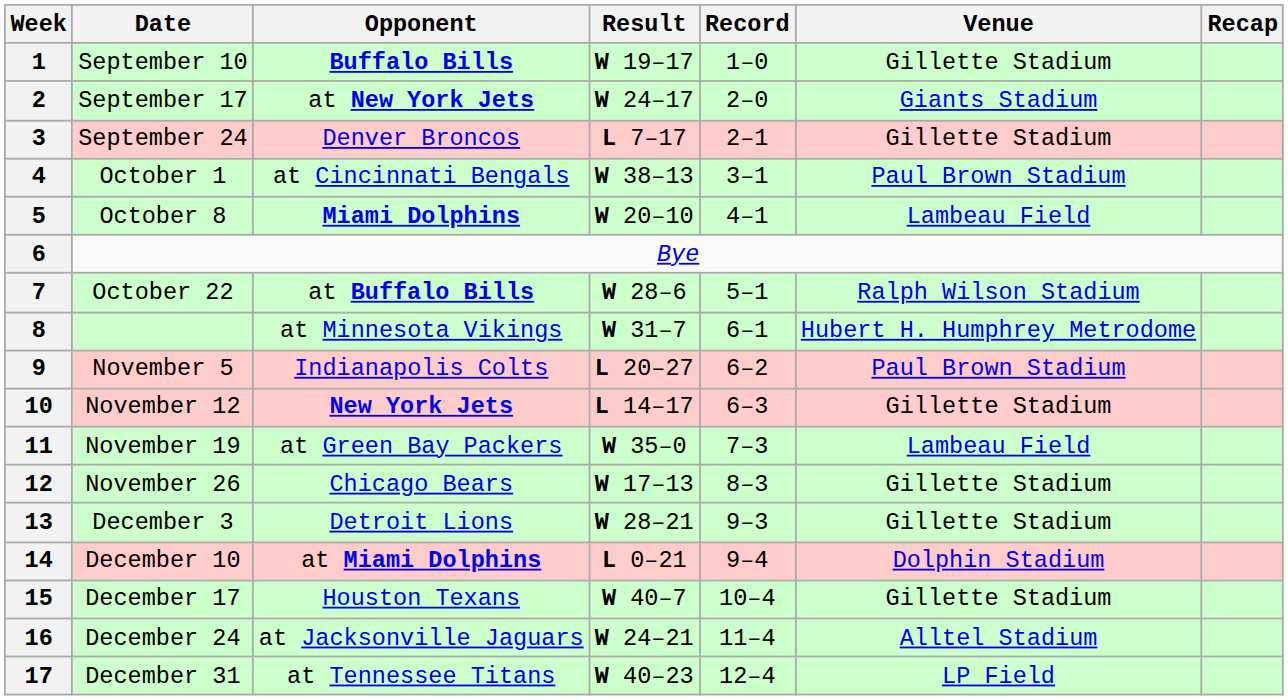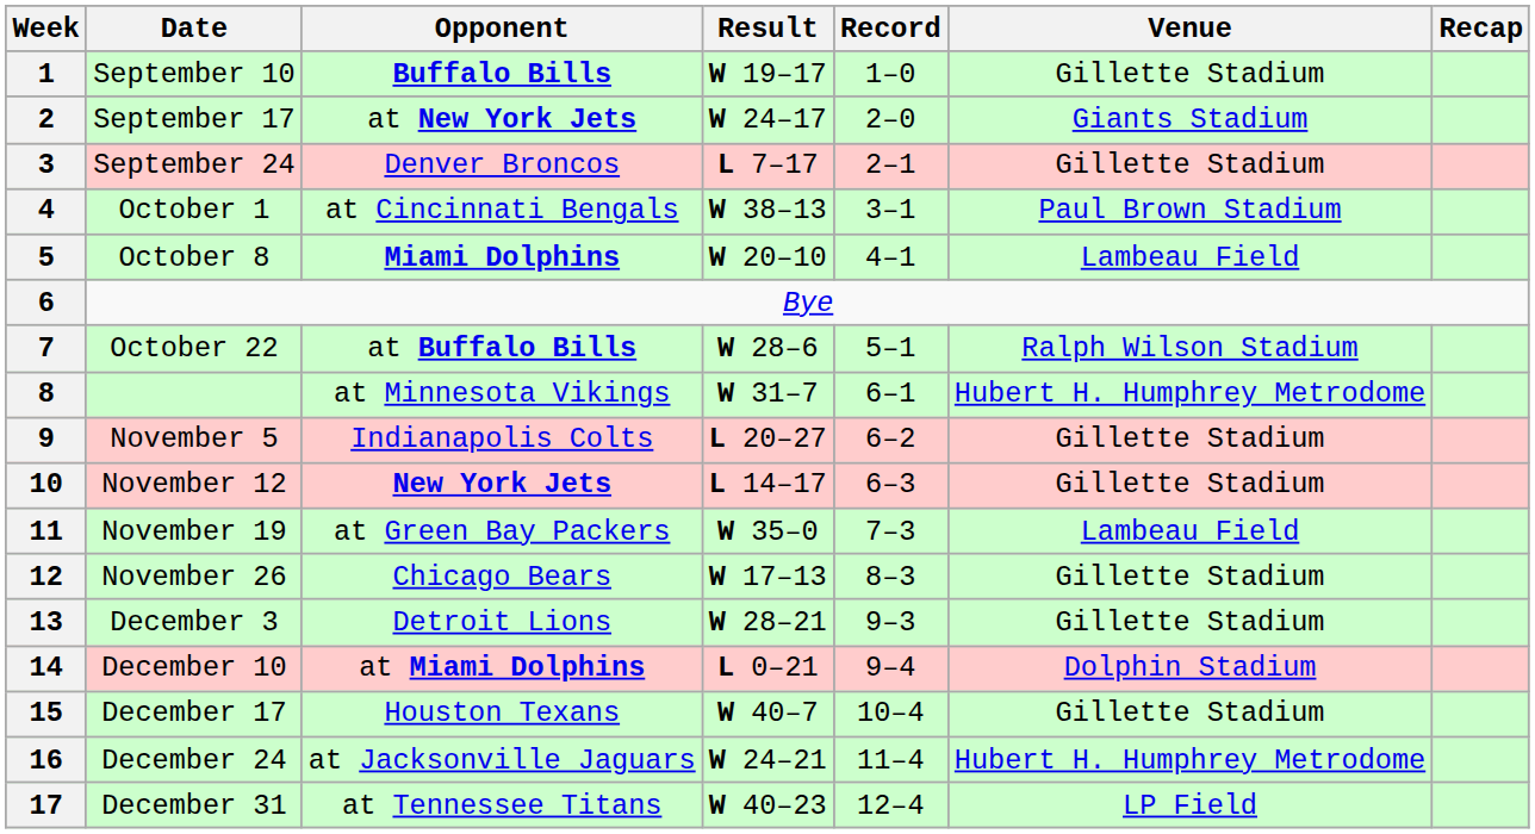 <table class="wikitable" style="text-align:center">
 <tr>
 <th>Week</th>
 <th>Date</th>
 <th>Opponent</th>
 <th>Result</th>
 <th>Record</th>
 <th>Venue</th>
 <th>Recap</th>
 </tr>
 <tr style="background: #cfc;">
 <th>1</th>
 <td>September 10</td>
 <td><strong><a href='#'>Buffalo Bills</a></strong></td>
 <td><strong>W</strong> 19–17</td>
 <td>1–0</td>
 <td>Gillette Stadium</td>
 <td></td>
 </tr>
 <tr style="background: #cfc;">
 <th>2</th>
 <td>September 17</td>
 <td>at <strong><a href='#'>New York Jets</a></strong></td>
 <td><strong>W</strong> 24–17</td>
 <td>2–0</td>
 <td><a href='#'>Giants Stadium</a></td>
 <td></td>
 </tr>
 <tr style="background: #fcc;">
 <th>3</th>
 <td>September 24</td>
 <td><a href='#'>Denver Broncos</a></td>
 <td><strong>L</strong> 7–17</td>
 <td>2–1</td>
 <td>Gillette Stadium</td>
 <td></td>
 </tr>
 <tr style="background: #cfc;">
 <th>4</th>
 <td>October 1</td>
 <td>at <a href='#'>Cincinnati Bengals</a></td>
 <td><strong>W</strong> 38–13</td>
 <td>3–1</td>
 <td><a href='#'>Paul Brown Stadium</a></td>
 <td></td>
 </tr>
 <tr style="background: #cfc;">
 <th>5</th>
 <td>October 8</td>
 <td><strong><a href='#'>Miami Dolphins</a></strong></td>
 <td><strong>W</strong> 20–10</td>
 <td>4–1</td>
 <td><a href='#'>Lambeau Field</a></td>
 <td></td>
 </tr>
 <tr align="center">
 <th>6</th>
 <td colspan="8" align="center"><em><a href='#'>Bye</a></em></td>
 </tr>
 <tr style="background: #cfc;">
 <th>7</th>
 <td>October 22</td>
 <td>at <strong><a href='#'>Buffalo Bills</a></strong></td>
 <td><strong>W</strong> 28–6</td>
 <td>5–1</td>
 <td><a href='#'>Ralph Wilson Stadium</a></td>
 <td></td>
 </tr>
 <tr style="background: #cfc;">
 <th>8</th>
 <td></td>
 <td>at <a href='#'>Minnesota Vikings</a></td>
 <td><strong>W</strong> 31–7</td>
 <td>6–1</td>
 <td><a href='#'>Hubert H. Humphrey Metrodome</a></td>
 <td></td>
 </tr>
 <tr style="background: #fcc;">
 <th>9</th>
 <td>November 5</td>
 <td><a href='#'>Indianapolis Colts</a></td>
 <td><strong>L</strong> 20–27</td>
 <td>6–2</td>
-<td><a href='#'>Paul Brown Stadium</a></td>
+<td>Gillette Stadium</td>
 <td></td>
 </tr>
 <tr style="background: #fcc;">
 <th>10</th>
 <td>November 12</td>
 <td><strong><a href='#'>New York Jets</a></strong></td>
 <td><strong>L</strong> 14–17</td>
 <td>6–3</td>
 <td>Gillette Stadium</td>
 <td></td>
 </tr>
 <tr style="background: #cfc;">
 <th>11</th>
 <td>November 19</td>
 <td>at <a href='#'>Green Bay Packers</a></td>
 <td><strong>W</strong> 35–0</td>
 <td>7–3</td>
 <td><a href='#'>Lambeau Field</a></td>
 <td></td>
 </tr>
 <tr style="background: #cfc;">
 <th>12</th>
 <td>November 26</td>
 <td><a href='#'>Chicago Bears</a></td>
 <td><strong>W</strong> 17–13</td>
 <td>8–3</td>
 <td>Gillette Stadium</td>
 <td></td>
 </tr>
 <tr style="background: #cfc;">
 <th>13</th>
 <td>December 3</td>
 <td><a href='#'>Detroit Lions</a></td>
 <td><strong>W</strong> 28–21</td>
 <td>9–3</td>
 <td>Gillette Stadium</td>
 <td></td>
 </tr>
 <tr style="background: #fcc;">
 <th>14</th>
 <td>December 10</td>
 <td>at <strong><a href='#'>Miami Dolphins</a></strong></td>
 <td><strong>L</strong> 0–21</td>
 <td>9–4</td>
 <td><a href='#'>Dolphin Stadium</a></td>
 <td></td>
 </tr>
 <tr style="background: #cfc;">
 <th>15</th>
 <td>December 17</td>
 <td><a href='#'>Houston Texans</a></td>
 <td><strong>W</strong> 40–7</td>
 <td>10–4</td>
 <td>Gillette Stadium</td>
 <td></td>
 </tr>
 <tr style="background: #cfc;">
 <th>16</th>
 <td>December 24</td>
 <td>at <a href='#'>Jacksonville Jaguars</a></td>
 <td><strong>W</strong> 24–21</td>
 <td>11–4</td>
-<td><a href='#'>Alltel Stadium</a></td>
+<td><a href='#'>Hubert H. Humphrey Metrodome</a></td>
 <td></td>
 </tr>
 <tr style="background: #cfc;">
 <th>17</th>
 <td>December 31</td>
 <td>at <a href='#'>Tennessee Titans</a></td>
 <td><strong>W</strong> 40–23</td>
 <td>12–4</td>
 <td><a href='#'>LP Field</a></td>
 <td></td>
 </tr>
 </table>
